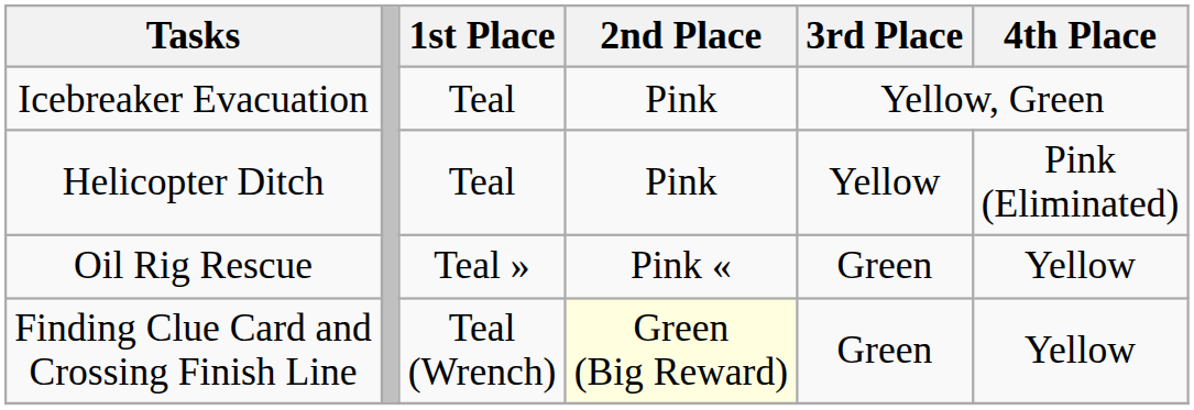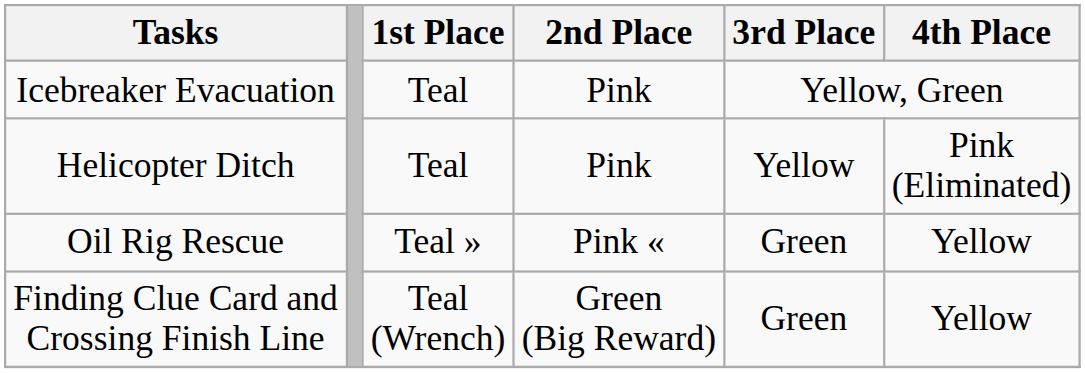 <table class="wikitable" style="text-align:center">
 <tr>
 <th>Tasks</th>
 <th style="background:#C0C0C0;" rowspan="5"></th>
 <th>1st Place</th>
 <th>2nd Place</th>
 <th>3rd Place</th>
 <th>4th Place</th>
 </tr>
 <tr>
 <td>Icebreaker Evacuation</td>
 <td><span>Teal</span></td>
 <td><span>Pink</span></td>
 <td colspan=2><span>Yellow,</span> <span>Green</span></td>
 </tr>
 <tr>
 <td>Helicopter Ditch</td>
 <td><span>Teal</span></td>
 <td><span>Pink</span></td>
 <td><span> Yellow</span></td>
 <td><span> Pink <br>(Eliminated)</span></td>
 </tr>
 <tr>
 <td>Oil Rig Rescue</td>
 <td><span>Teal</span> <span>»</span></td>
 <td><span>Pink</span> <span>«</span></td>
 <td><span>Green</span></td>
 <td><span>Yellow</span></td>
 </tr>
 <tr>
 <td>Finding Clue Card and<br>Crossing Finish Line</td>
 <td><span>Teal<br> (Wrench)</span></td>
-<td style="background: lightyellow;"><span>Green <br>(Big Reward)</span></td>
+<td><span>Green <br>(Big Reward)</span></td>
 <td><span>Green</span></td>
 <td><span>Yellow</span></td>
 </tr>
 <tr>
 </tr>
 </table>
